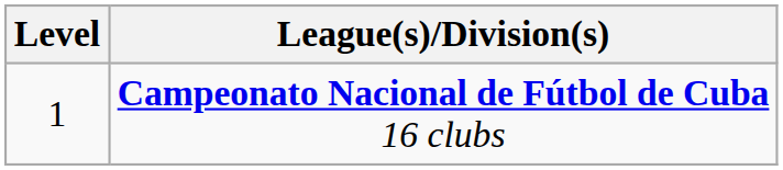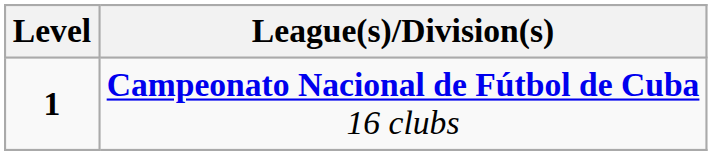 <table class="wikitable" style="text-align: center;">
 <tr>
 <th>Level</th>
 <th colspan="12">League(s)/Division(s)</th>
 </tr>
 <tr>
-<td>1</td>
+<td><strong>1</strong></td>
 <td colspan="12"><strong><a href='#'>Campeonato Nacional de Fútbol de Cuba</a></strong><br><em>16 clubs</em></td>
 </tr>
 </table>
